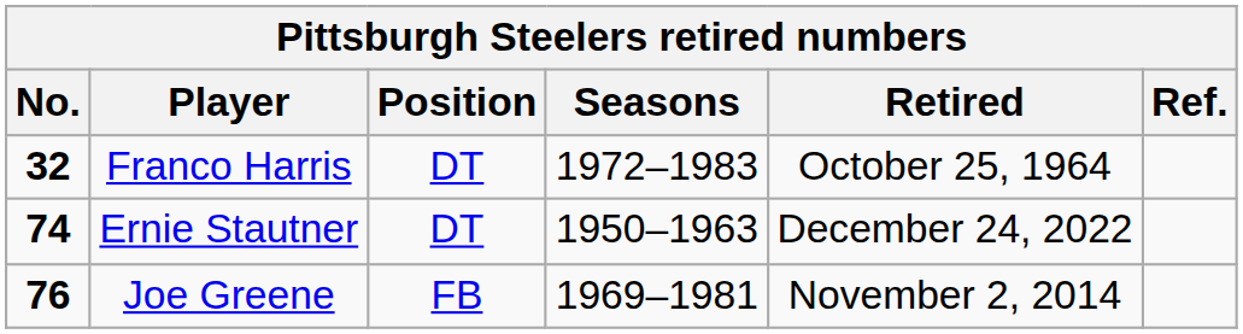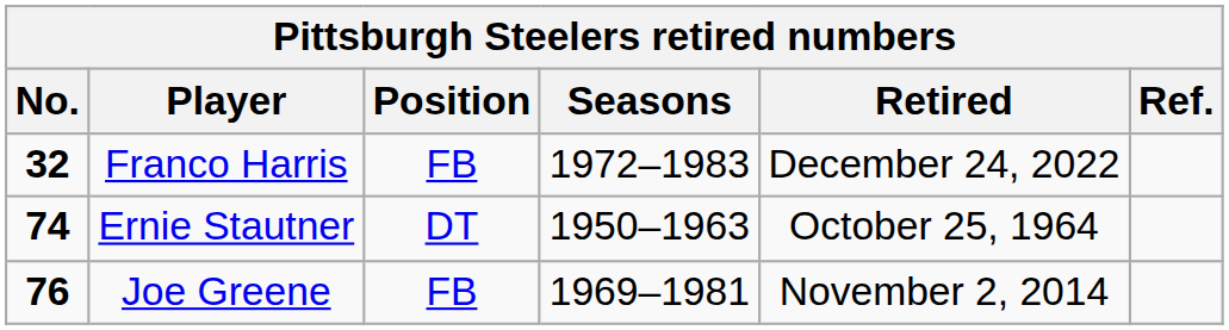 <table class="wikitable" style="text-align:center">
 <tr>
 <th colspan=6>Pittsburgh Steelers retired numbers</th>
 </tr>
 <tr>
 <th>No.</th>
 <th>Player</th>
 <th>Position</th>
 <th>Seasons</th>
 <th>Retired</th>
 <th>Ref.</th>
 </tr>
 <tr>
 <td><strong>32</strong></td>
 <td><a href='#'>Franco Harris</a></td>
-<td><a href='#'>DT</a></td>
+<td><a href='#'>FB</a></td>
 <td>1972–1983</td>
-<td>October 25, 1964</td>
+<td>December 24, 2022</td>
 <td></td>
 </tr>
 <tr>
 <td><strong>74</strong></td>
 <td><a href='#'>Ernie Stautner</a></td>
 <td><a href='#'>DT</a></td>
 <td>1950–1963</td>
-<td>December 24, 2022</td>
+<td>October 25, 1964</td>
 <td></td>
 </tr>
 <tr>
 <td><strong>76</strong></td>
 <td><a href='#'>Joe Greene</a></td>
 <td><a href='#'>FB</a></td>
 <td>1969–1981</td>
 <td>November 2, 2014</td>
 <td></td>
 </tr>
 </table>
